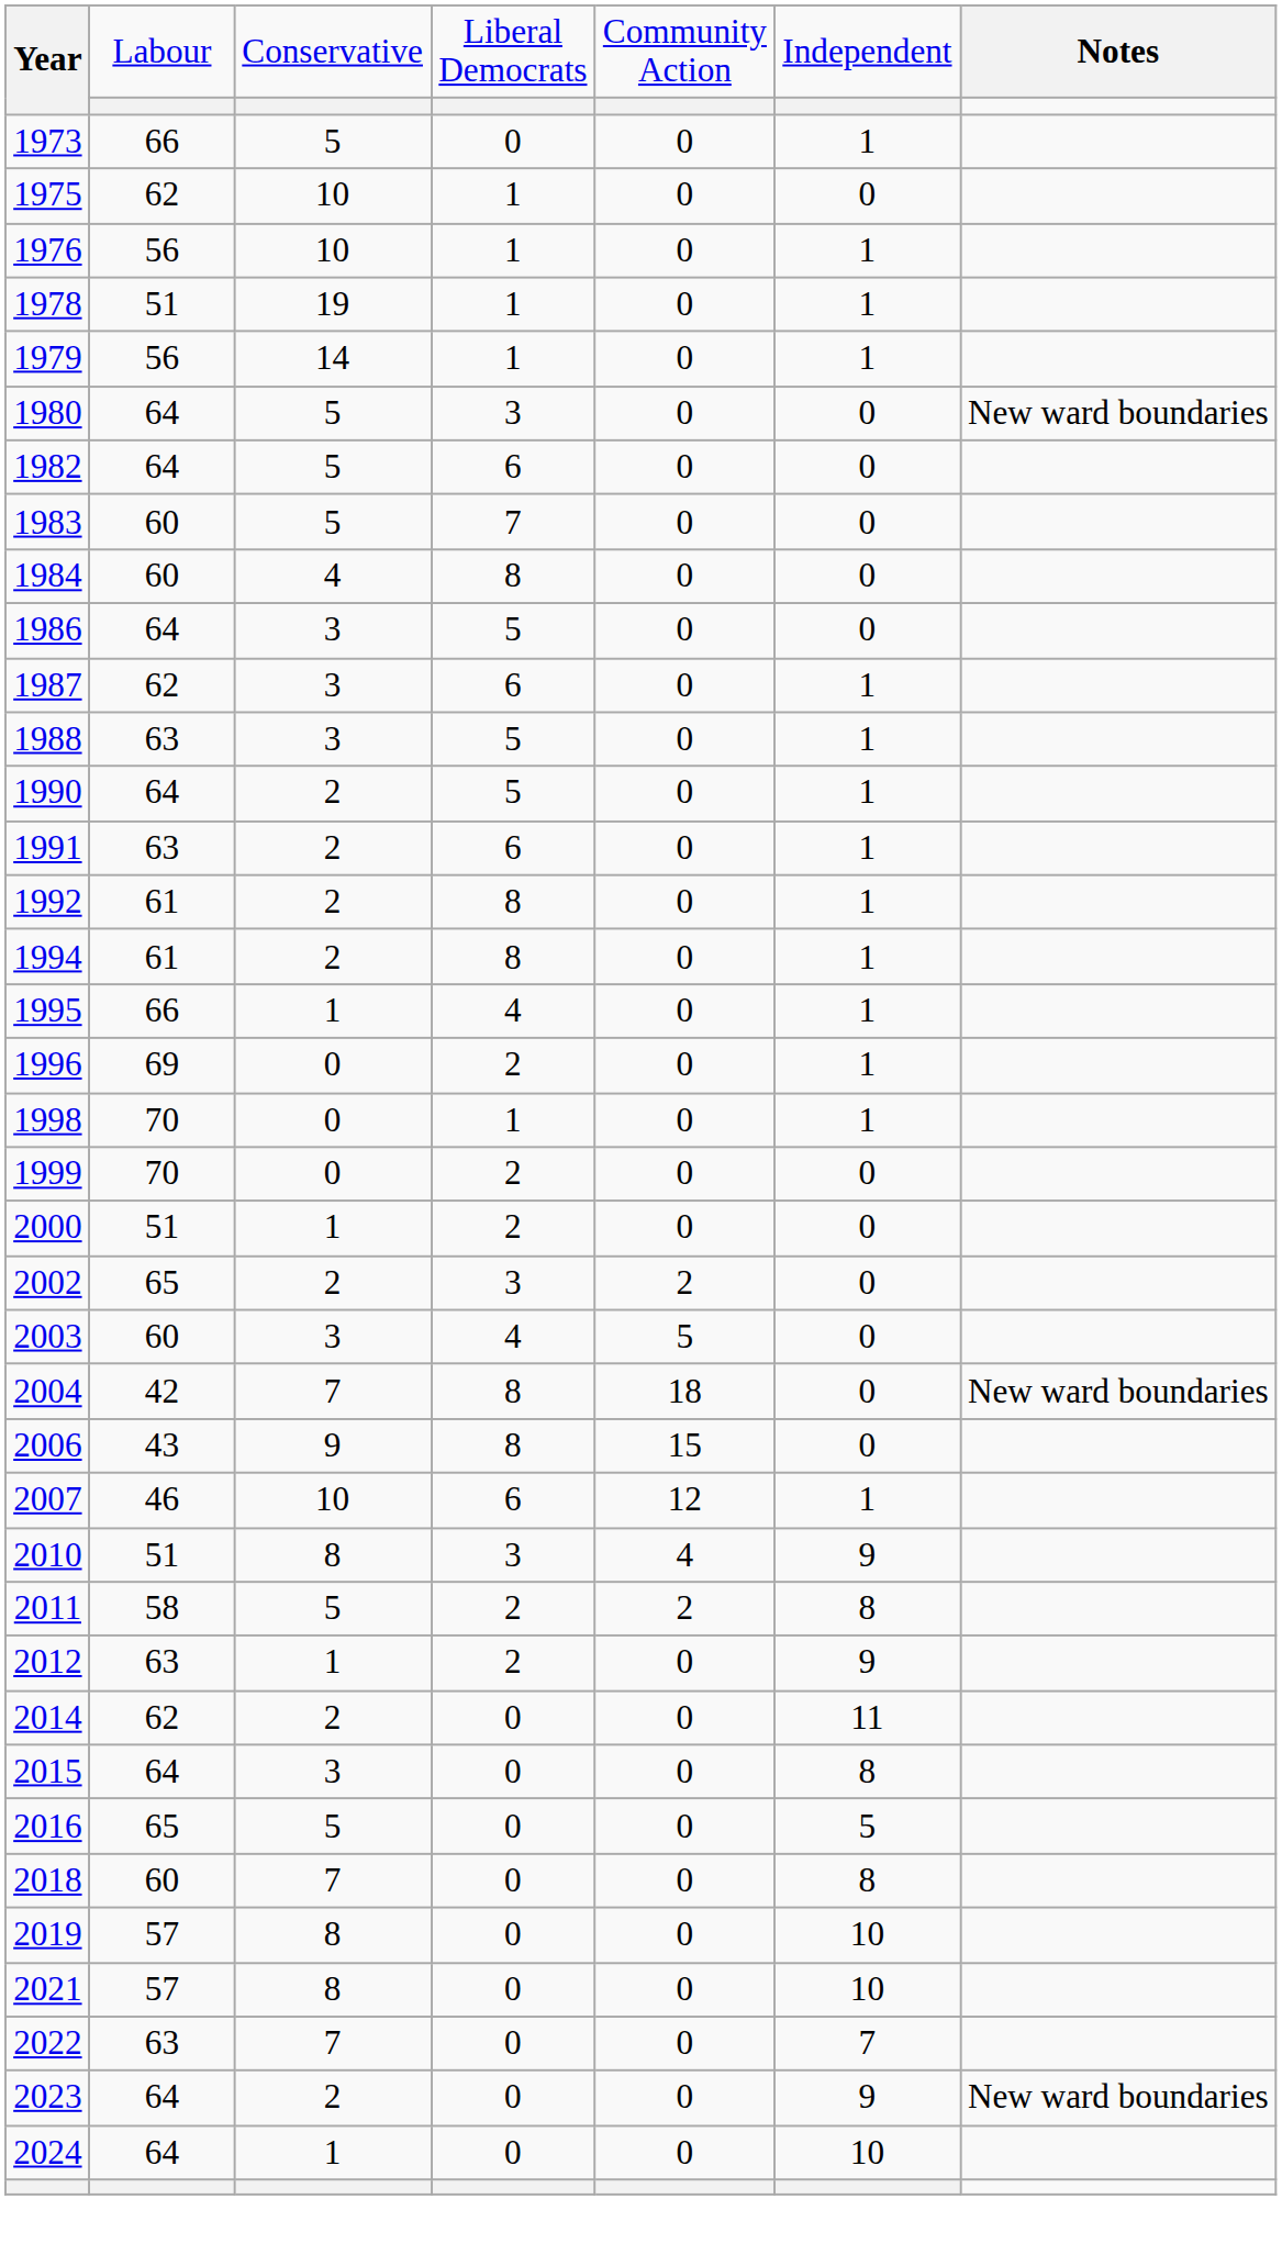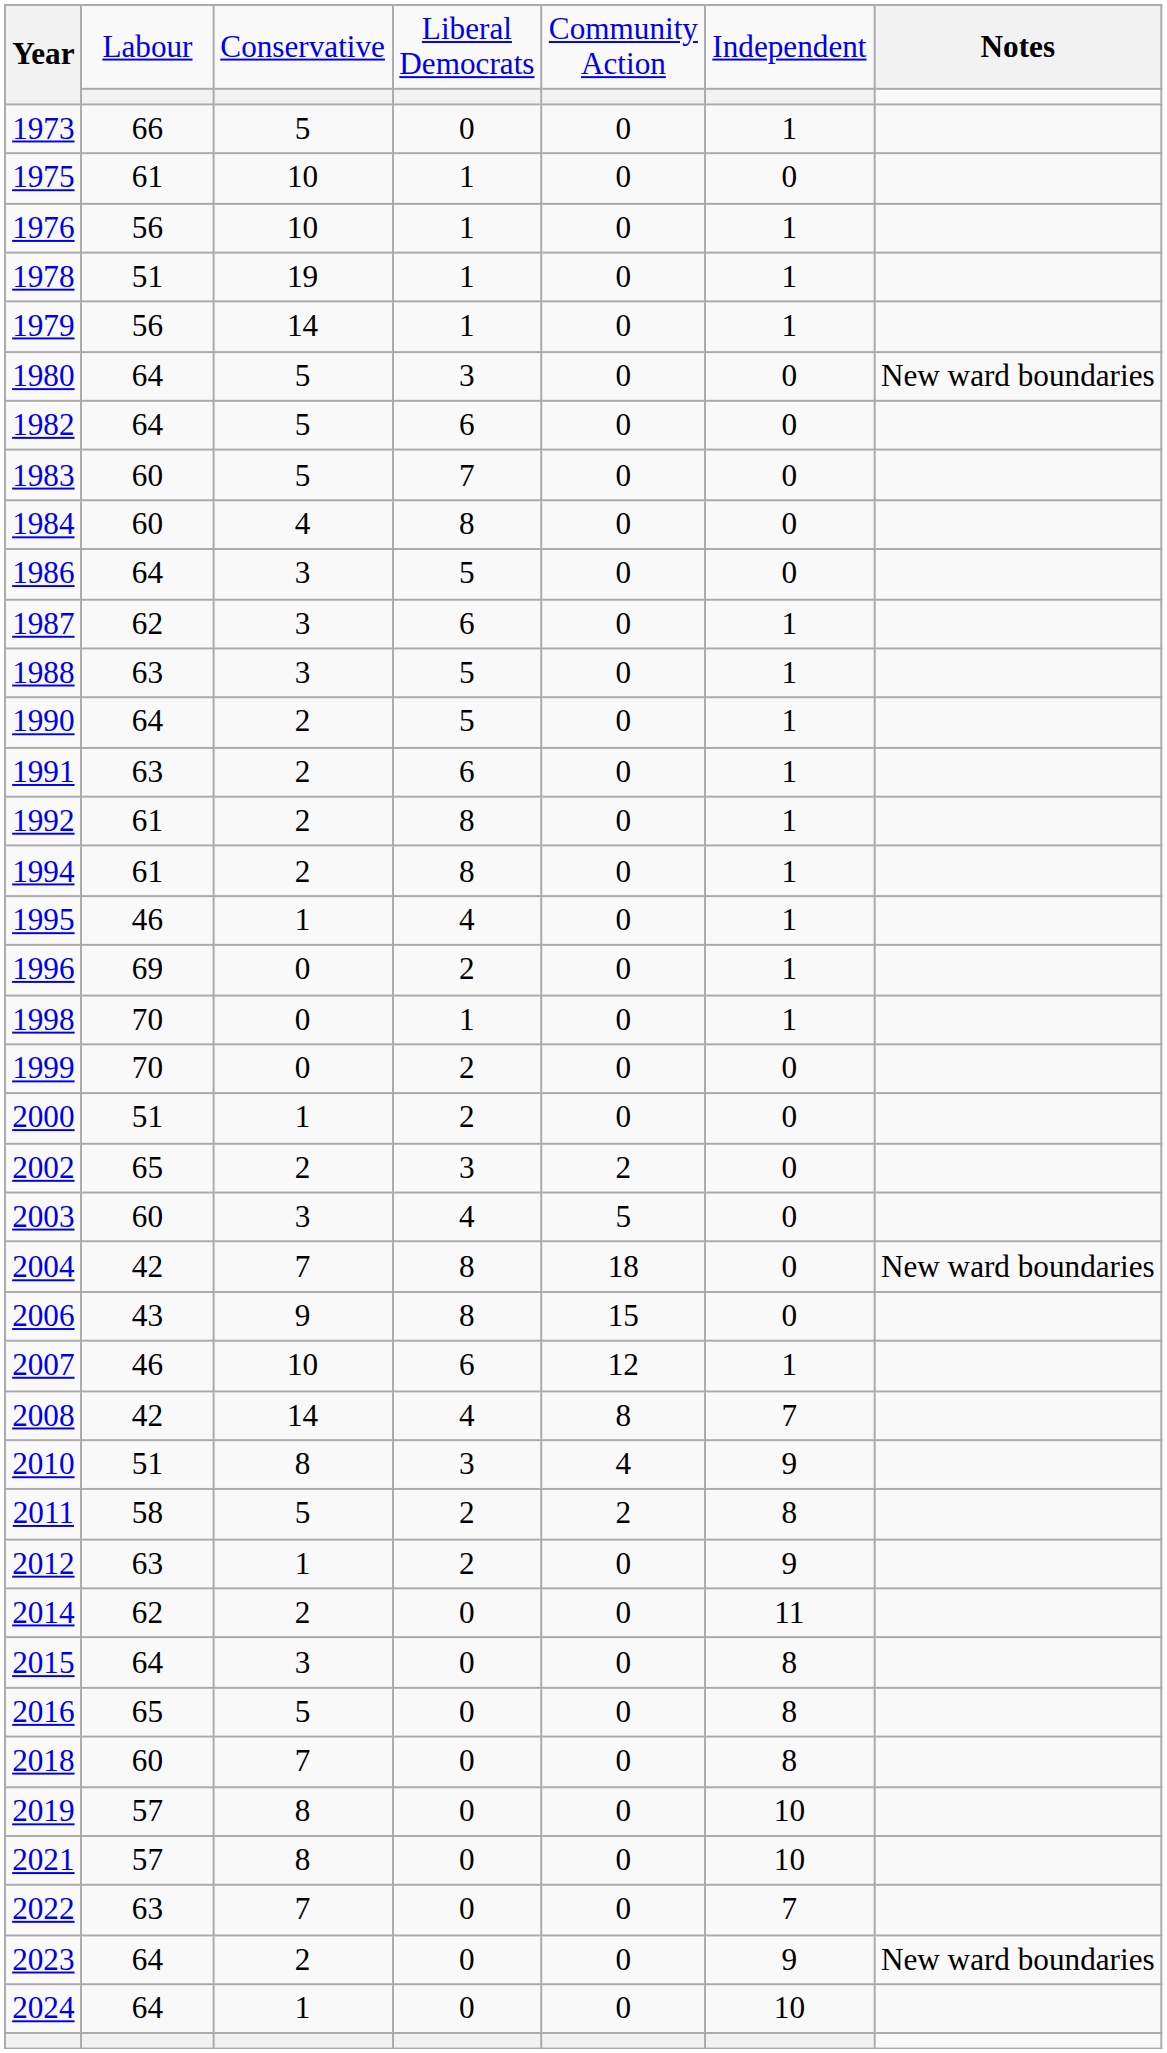 <table class=wikitable style=text-align:center>
 <tr>
 <th rowspan=2>Year</th>
 <td width="60"><a href='#'>Labour</a></td>
 <td width="60"><a href='#'>Conservative</a></td>
 <td width="60"><a href='#'>Liberal Democrats</a></td>
 <td width="60"><a href='#'>Community Action</a></td>
 <td width="60"><a href='#'>Independent</a></td>
 <th>Notes</th>
 </tr>
 <tr>
 <th style="background-color: "></th>
 <th style="background-color: "></th>
 <th style="background-color: "></th>
 <th style="background-color: "></th>
 <th style="background-color: "></th>
 </tr>
 <tr>
 <td><a href='#'>1973</a></td>
 <td>66</td>
 <td>5</td>
 <td>0</td>
 <td>0</td>
 <td>1</td>
 <td></td>
 </tr>
 <tr>
 <td><a href='#'>1975</a></td>
-<td>62</td>
+<td>61</td>
 <td>10</td>
 <td>1</td>
 <td>0</td>
 <td>0</td>
 <td></td>
 </tr>
 <tr>
 <td><a href='#'>1976</a></td>
 <td>56</td>
 <td>10</td>
 <td>1</td>
 <td>0</td>
 <td>1</td>
 <td></td>
 </tr>
 <tr>
 <td><a href='#'>1978</a></td>
 <td>51</td>
 <td>19</td>
 <td>1</td>
 <td>0</td>
 <td>1</td>
 <td></td>
 </tr>
 <tr>
 <td><a href='#'>1979</a></td>
 <td>56</td>
 <td>14</td>
 <td>1</td>
 <td>0</td>
 <td>1</td>
 <td></td>
 </tr>
 <tr>
 <td><a href='#'>1980</a></td>
 <td>64</td>
 <td>5</td>
 <td>3</td>
 <td>0</td>
 <td>0</td>
 <td>New ward boundaries</td>
 </tr>
 <tr>
 <td><a href='#'>1982</a></td>
 <td>64</td>
 <td>5</td>
 <td>6</td>
 <td>0</td>
 <td>0</td>
 <td></td>
 </tr>
 <tr>
 <td><a href='#'>1983</a></td>
 <td>60</td>
 <td>5</td>
 <td>7</td>
 <td>0</td>
 <td>0</td>
 <td></td>
 </tr>
 <tr>
 <td><a href='#'>1984</a></td>
 <td>60</td>
 <td>4</td>
 <td>8</td>
 <td>0</td>
 <td>0</td>
 <td></td>
 </tr>
 <tr>
 <td><a href='#'>1986</a></td>
 <td>64</td>
 <td>3</td>
 <td>5</td>
 <td>0</td>
 <td>0</td>
 <td></td>
 </tr>
 <tr>
 <td><a href='#'>1987</a></td>
 <td>62</td>
 <td>3</td>
 <td>6</td>
 <td>0</td>
 <td>1</td>
 <td></td>
 </tr>
 <tr>
 <td><a href='#'>1988</a></td>
 <td>63</td>
 <td>3</td>
 <td>5</td>
 <td>0</td>
 <td>1</td>
 <td></td>
 </tr>
 <tr>
 <td><a href='#'>1990</a></td>
 <td>64</td>
 <td>2</td>
 <td>5</td>
 <td>0</td>
 <td>1</td>
 <td></td>
 </tr>
 <tr>
 <td><a href='#'>1991</a></td>
 <td>63</td>
 <td>2</td>
 <td>6</td>
 <td>0</td>
 <td>1</td>
 <td></td>
 </tr>
 <tr>
 <td><a href='#'>1992</a></td>
 <td>61</td>
 <td>2</td>
 <td>8</td>
 <td>0</td>
 <td>1</td>
 <td></td>
 </tr>
 <tr>
 <td><a href='#'>1994</a></td>
 <td>61</td>
 <td>2</td>
 <td>8</td>
 <td>0</td>
 <td>1</td>
 <td></td>
 </tr>
 <tr>
 <td><a href='#'>1995</a></td>
-<td>66</td>
+<td>46</td>
 <td>1</td>
 <td>4</td>
 <td>0</td>
 <td>1</td>
 <td></td>
 </tr>
 <tr>
 <td><a href='#'>1996</a></td>
 <td>69</td>
 <td>0</td>
 <td>2</td>
 <td>0</td>
 <td>1</td>
 <td></td>
 </tr>
 <tr>
 <td><a href='#'>1998</a></td>
 <td>70</td>
 <td>0</td>
 <td>1</td>
 <td>0</td>
 <td>1</td>
 <td></td>
 </tr>
 <tr>
 <td><a href='#'>1999</a></td>
 <td>70</td>
 <td>0</td>
 <td>2</td>
 <td>0</td>
 <td>0</td>
 <td></td>
 </tr>
 <tr>
 <td><a href='#'>2000</a></td>
 <td>51</td>
 <td>1</td>
 <td>2</td>
 <td>0</td>
 <td>0</td>
 <td></td>
 </tr>
 <tr>
 <td><a href='#'>2002</a></td>
 <td>65</td>
 <td>2</td>
 <td>3</td>
 <td>2</td>
 <td>0</td>
 <td></td>
 </tr>
 <tr>
 <td><a href='#'>2003</a></td>
 <td>60</td>
 <td>3</td>
 <td>4</td>
 <td>5</td>
 <td>0</td>
 <td></td>
 </tr>
 <tr>
 <td><a href='#'>2004</a></td>
 <td>42</td>
 <td>7</td>
 <td>8</td>
 <td>18</td>
 <td>0</td>
 <td>New ward boundaries</td>
 </tr>
 <tr>
 <td><a href='#'>2006</a></td>
 <td>43</td>
 <td>9</td>
 <td>8</td>
 <td>15</td>
 <td>0</td>
 <td></td>
 </tr>
 <tr>
 <td><a href='#'>2007</a></td>
 <td>46</td>
 <td>10</td>
 <td>6</td>
 <td>12</td>
 <td>1</td>
 <td></td>
 </tr>
 <tr>
+<td><a href='#'>2008</a></td>
+<td>42</td>
+<td>14</td>
+<td>4</td>
+<td>8</td>
+<td>7</td>
+<td></td>
+</tr>
+<tr>
 <td><a href='#'>2010</a></td>
 <td>51</td>
 <td>8</td>
 <td>3</td>
 <td>4</td>
 <td>9</td>
 <td></td>
 </tr>
 <tr>
 <td><a href='#'>2011</a></td>
 <td>58</td>
 <td>5</td>
 <td>2</td>
 <td>2</td>
 <td>8</td>
 <td></td>
 </tr>
 <tr>
 <td><a href='#'>2012</a></td>
 <td>63</td>
 <td>1</td>
 <td>2</td>
 <td>0</td>
 <td>9</td>
 <td></td>
 </tr>
 <tr>
 <td><a href='#'>2014</a></td>
 <td>62</td>
 <td>2</td>
 <td>0</td>
 <td>0</td>
 <td>11</td>
 <td></td>
 </tr>
 <tr>
 <td><a href='#'>2015</a></td>
 <td>64</td>
 <td>3</td>
 <td>0</td>
 <td>0</td>
 <td>8</td>
 <td></td>
 </tr>
 <tr>
 <td><a href='#'>2016</a></td>
 <td>65</td>
 <td>5</td>
 <td>0</td>
 <td>0</td>
-<td>5</td>
+<td>8</td>
 <td></td>
 </tr>
 <tr>
 <td><a href='#'>2018</a></td>
 <td>60</td>
 <td>7</td>
 <td>0</td>
 <td>0</td>
 <td>8</td>
 <td></td>
 </tr>
 <tr>
 <td><a href='#'>2019</a></td>
 <td>57</td>
 <td>8</td>
 <td>0</td>
 <td>0</td>
 <td>10</td>
 <td></td>
 </tr>
 <tr>
 <td><a href='#'>2021</a></td>
 <td>57</td>
 <td>8</td>
 <td>0</td>
 <td>0</td>
 <td>10</td>
 <td></td>
 </tr>
 <tr>
 <td><a href='#'>2022</a></td>
 <td>63</td>
 <td>7</td>
 <td>0</td>
 <td>0</td>
 <td>7</td>
 <td></td>
 </tr>
 <tr>
 <td><a href='#'>2023</a></td>
 <td>64</td>
 <td>2</td>
 <td>0</td>
 <td>0</td>
 <td>9</td>
 <td>New ward boundaries</td>
 </tr>
 <tr>
 <td><a href='#'>2024</a></td>
 <td>64</td>
 <td>1</td>
 <td>0</td>
 <td>0</td>
 <td>10</td>
 <td></td>
 </tr>
 <tr>
 <th></th>
 <th style="background-color: "></th>
 <th style="background-color: "></th>
 <th style="background-color: "></th>
 <th style="background-color: "></th>
 <th style="background-color: "></th>
 </tr>
 </table>
